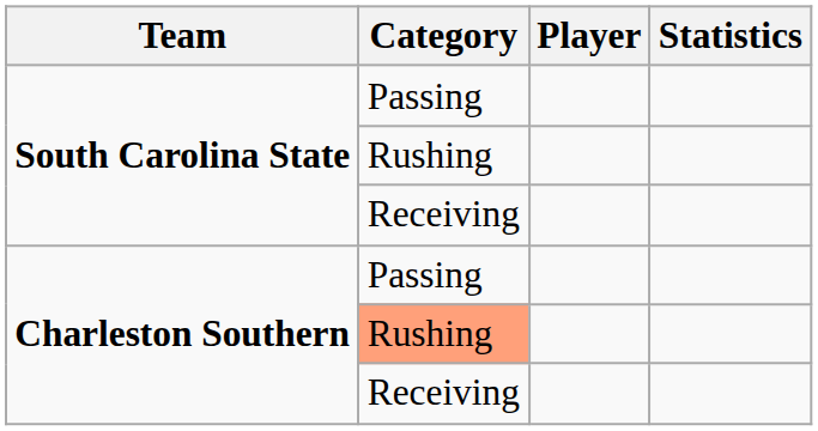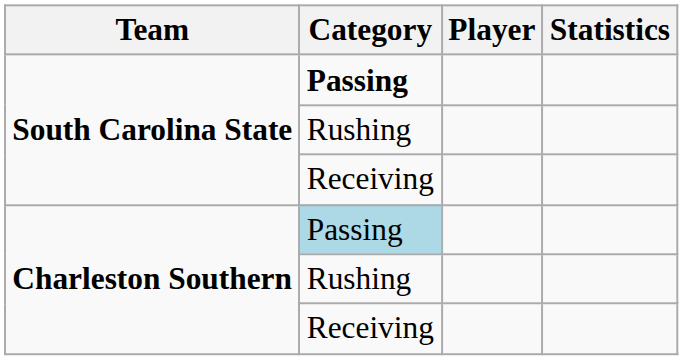 <table class="wikitable" style="float: right;">
 <tr>
 <th>Team</th>
 <th>Category</th>
 <th>Player</th>
 <th>Statistics</th>
 </tr>
 <tr>
 <td rowspan=3><strong>South Carolina State</strong></td>
-<td>Passing</td>
+<td><strong>Passing</strong></td>
 <td></td>
 <td></td>
 </tr>
 <tr>
 <td>Rushing</td>
 <td></td>
 <td></td>
 </tr>
 <tr>
 <td>Receiving</td>
 <td></td>
 <td></td>
 </tr>
 <tr>
 <td rowspan=3><strong>Charleston Southern</strong></td>
-<td>Passing</td>
+<td style="background: lightblue;">Passing</td>
 <td></td>
 <td></td>
 </tr>
 <tr>
-<td style="background: lightsalmon;">Rushing</td>
+<td>Rushing</td>
 <td></td>
 <td></td>
 </tr>
 <tr>
 <td>Receiving</td>
 <td></td>
 <td></td>
 </tr>
 </table>
